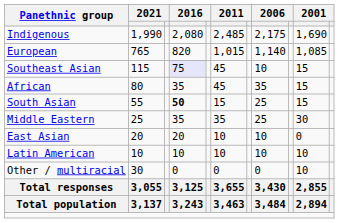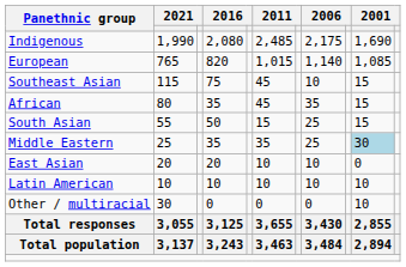 <table class="wikitable collapsible sortable">
 <tr>
 <th rowspan="2"><a href='#'>Panethnic</a> group</th>
 <th colspan="2">2021</th>
 <th colspan="2">2016</th>
 <th colspan="2">2011</th>
 <th colspan="2">2006</th>
 <th colspan="2">2001</th>
 </tr>
 <tr>
 <th><a href='#'></a></th>
 <th></th>
 <th></th>
 <th></th>
 <th></th>
 <th></th>
 <th></th>
 <th></th>
 <th></th>
 <th></th>
 </tr>
 <tr>
 <td><a href='#'>Indigenous</a></td>
 <td>1,990</td>
 <td></td>
 <td>2,080</td>
 <td></td>
 <td>2,485</td>
 <td></td>
 <td>2,175</td>
 <td></td>
 <td>1,690</td>
 <td></td>
 </tr>
 <tr>
 <td><a href='#'>European</a></td>
 <td>765</td>
 <td></td>
 <td>820</td>
 <td></td>
 <td>1,015</td>
 <td></td>
 <td>1,140</td>
 <td></td>
 <td>1,085</td>
 <td></td>
 </tr>
 <tr>
 <td><a href='#'>Southeast Asian</a></td>
 <td>115</td>
 <td></td>
-<td style="background: lavender;">75</td>
+<td>75</td>
 <td></td>
 <td>45</td>
 <td></td>
 <td>10</td>
 <td></td>
 <td>15</td>
 <td></td>
 </tr>
 <tr>
 <td><a href='#'>African</a></td>
 <td>80</td>
 <td></td>
 <td>35</td>
 <td></td>
 <td>45</td>
 <td></td>
 <td>35</td>
 <td></td>
 <td>15</td>
 <td></td>
 </tr>
 <tr>
 <td><a href='#'>South Asian</a></td>
 <td>55</td>
 <td></td>
-<td><strong>50</strong></td>
+<td>50</td>
 <td></td>
 <td>15</td>
 <td></td>
 <td>25</td>
 <td></td>
 <td>15</td>
 <td></td>
 </tr>
 <tr>
 <td><a href='#'>Middle Eastern</a></td>
 <td>25</td>
 <td></td>
 <td>35</td>
 <td></td>
 <td>35</td>
 <td></td>
 <td>25</td>
 <td></td>
-<td>30</td>
+<td style="background: lightblue;">30</td>
 <td></td>
 </tr>
 <tr>
 <td><a href='#'>East Asian</a></td>
 <td>20</td>
 <td></td>
 <td>20</td>
 <td></td>
 <td>10</td>
 <td></td>
 <td>10</td>
 <td></td>
 <td>0</td>
 <td></td>
 </tr>
 <tr>
 <td><a href='#'>Latin American</a></td>
 <td>10</td>
 <td></td>
 <td>10</td>
 <td></td>
 <td>10</td>
 <td></td>
 <td>10</td>
 <td></td>
 <td>10</td>
 <td></td>
 </tr>
 <tr>
 <td>Other / <a href='#'>multiracial</a></td>
 <td>30</td>
 <td></td>
 <td>0</td>
 <td></td>
 <td>0</td>
 <td></td>
 <td>0</td>
 <td></td>
 <td>10</td>
 <td></td>
 </tr>
 <tr>
 <th>Total responses</th>
 <th>3,055</th>
 <th></th>
 <th>3,125</th>
 <th></th>
 <th>3,655</th>
 <th></th>
 <th>3,430</th>
 <th></th>
 <th>2,855</th>
 <th></th>
 </tr>
 <tr class="sortbottom">
 <th>Total population</th>
 <th>3,137</th>
 <th></th>
 <th>3,243</th>
 <th></th>
 <th>3,463</th>
 <th></th>
 <th>3,484</th>
 <th></th>
 <th>2,894</th>
 <th></th>
 </tr>
 <tr class="sortbottom">
 <td colspan="11"></td>
 </tr>
 </table>
